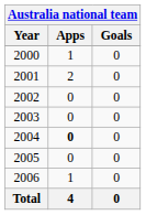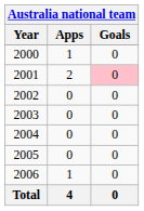 <table class="wikitable" style="text-align:center">
 <tr>
 <th colspan=3><a href='#'>Australia national team</a></th>
 </tr>
 <tr>
 <th>Year</th>
 <th>Apps</th>
 <th>Goals</th>
 </tr>
 <tr>
 </tr>
 <tr>
 <td>2000</td>
 <td>1</td>
 <td>0</td>
 </tr>
 <tr>
 <td>2001</td>
 <td>2</td>
-<td>0</td>
+<td style="background: pink;">0</td>
 </tr>
 <tr>
 <td>2002</td>
 <td>0</td>
 <td>0</td>
 </tr>
 <tr>
 <td>2003</td>
 <td>0</td>
 <td>0</td>
 </tr>
 <tr>
 <td>2004</td>
-<td><strong>0</strong></td>
+<td>0</td>
 <td>0</td>
 </tr>
 <tr>
 <td>2005</td>
 <td>0</td>
 <td>0</td>
 </tr>
 <tr>
 <td>2006</td>
 <td>1</td>
 <td>0</td>
 </tr>
 <tr>
 <th>Total</th>
 <th>4</th>
 <th>0</th>
 </tr>
 </table>
